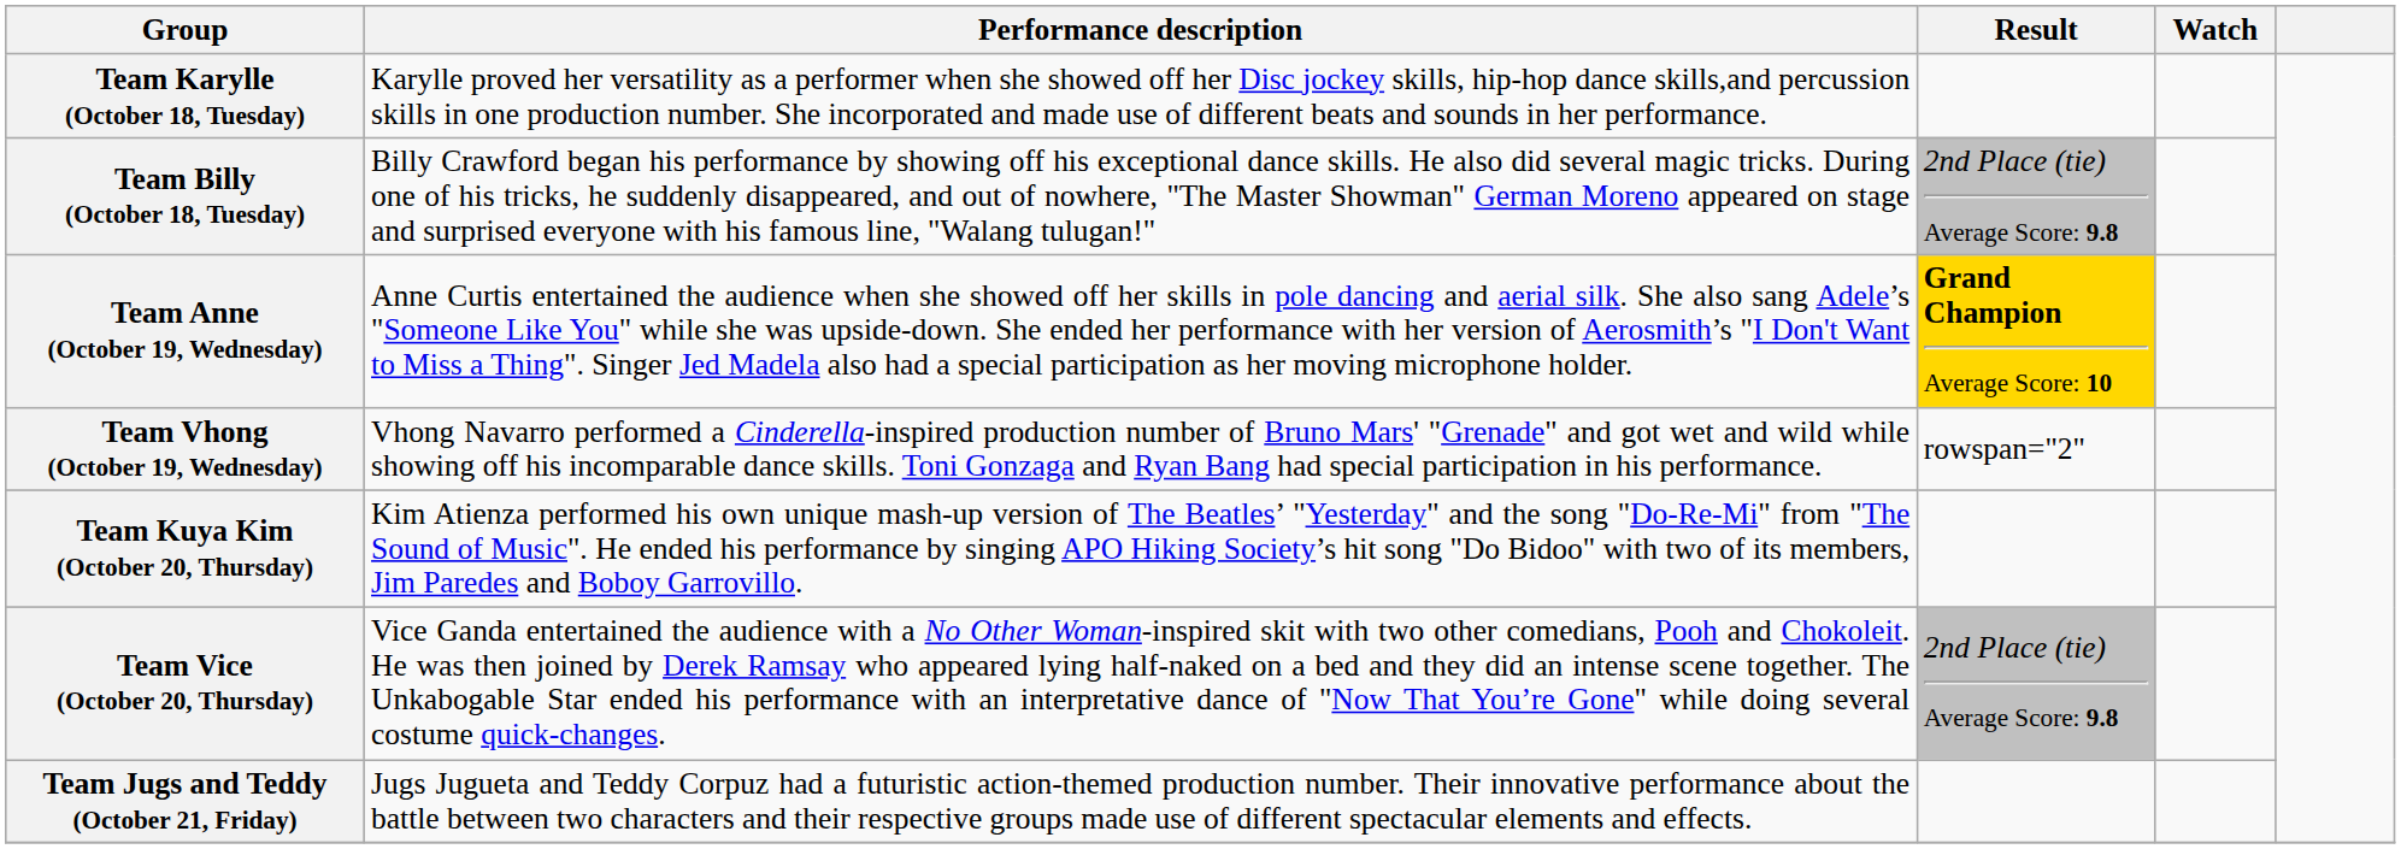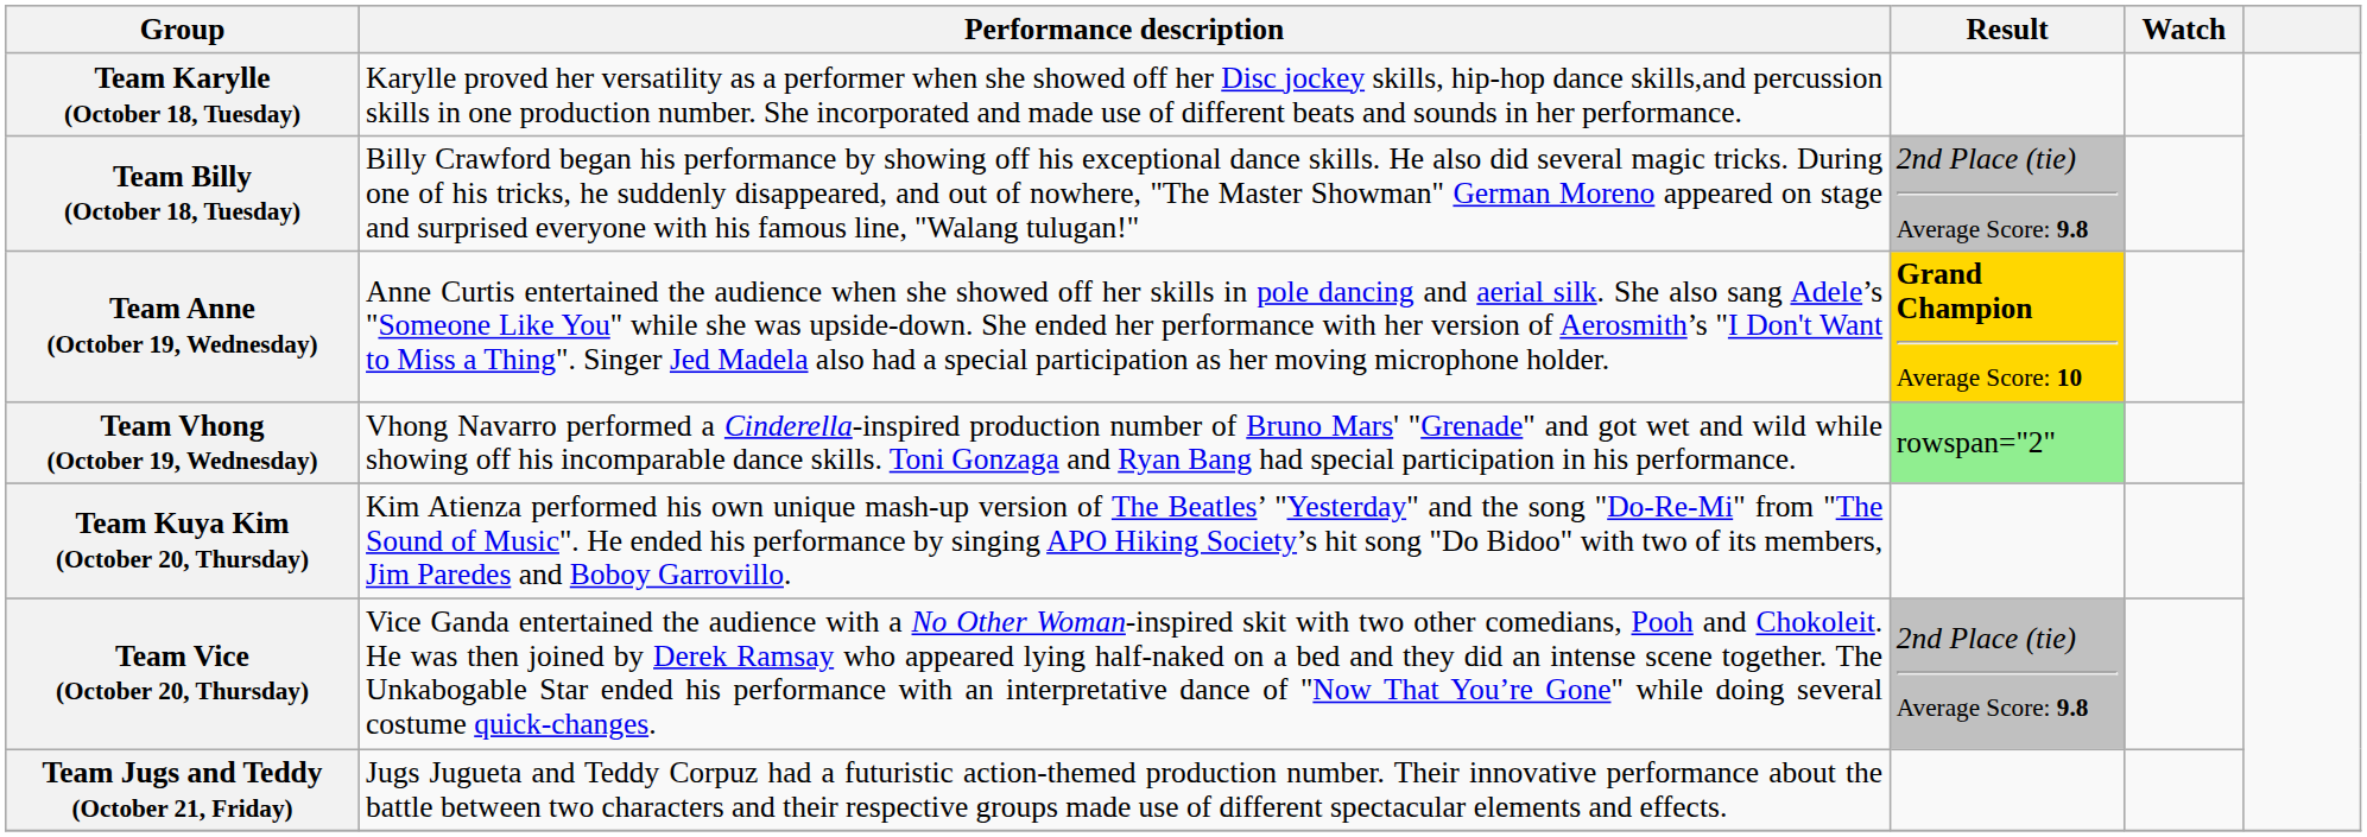 <table class="wikitable style="text-align:center; font-size:90%; line-height:18px; width:100%">
 <tr>
 <th width="15%">Group</th>
 <th width="65%">Performance description</th>
 <th width="10%">Result</th>
 <th width="5%">Watch</th>
 <th width="5%"></th>
 </tr>
 <tr>
 <th>Team Karylle<br><small>(October 18, Tuesday)</small></th>
 <td align="justify">Karylle proved her versatility as a performer when she showed off her <a href='#'>Disc jockey</a> skills, hip-hop dance skills,and percussion skills in one production number. She incorporated and made use of different beats and sounds in her performance.</td>
 <td></td>
 <td></td>
 <td rowspan="7" style="text-align:center;"></td>
 </tr>
 <tr>
 <th>Team Billy<br><small>(October 18, Tuesday)</small></th>
 <td align="justify">Billy Crawford began his performance by showing off his exceptional dance skills. He also did several magic tricks. During one of his tricks, he suddenly disappeared, and out of nowhere, "The Master Showman" <a href='#'>German Moreno</a> appeared on stage and surprised everyone with his famous line, "Walang tulugan!"</td>
 <td style="background:silver"><em>2nd Place (tie)</em><hr><small>Average Score: <strong>9.8</strong></small></td>
 <td></td>
 </tr>
 <tr>
 <th>Team Anne<br><small>(October 19, Wednesday)</small></th>
 <td align="justify">Anne Curtis entertained the audience when she showed off her skills in <a href='#'>pole dancing</a> and <a href='#'>aerial silk</a>. She also sang <a href='#'>Adele</a>’s "<a href='#'>Someone Like You</a>" while she was upside-down. She ended her performance with her version of <a href='#'>Aerosmith</a>’s "<a href='#'>I Don't Want to Miss a Thing</a>". Singer <a href='#'>Jed Madela</a> also had a special participation as her moving microphone holder.</td>
 <td style="background:gold"><strong>Grand Champion</strong><hr><small>Average Score: <strong>10</strong></small></td>
 <td></td>
 </tr>
 <tr>
 <th>Team Vhong<br><small>(October 19, Wednesday)</small></th>
 <td align="justify">Vhong Navarro performed a <em><a href='#'>Cinderella</a></em>-inspired production number of <a href='#'>Bruno Mars</a>' "<a href='#'>Grenade</a>" and got wet and wild while showing off his incomparable dance skills. <a href='#'>Toni Gonzaga</a> and <a href='#'>Ryan Bang</a> had special participation in his performance.</td>
-<td>rowspan="2" </td>
+<td style="background: lightgreen;">rowspan="2" </td>
 <td></td>
 </tr>
 <tr>
 <th>Team Kuya Kim<br><small>(October 20, Thursday)</small></th>
 <td align="justify">Kim Atienza performed his own unique mash-up version of <a href='#'>The Beatles</a>’ "<a href='#'>Yesterday</a>" and the song "<a href='#'>Do-Re-Mi</a>" from "<a href='#'>The Sound of Music</a>". He ended his performance by singing <a href='#'>APO Hiking Society</a>’s hit song "Do Bidoo" with two of its members, <a href='#'>Jim Paredes</a> and <a href='#'>Boboy Garrovillo</a>.</td>
 <td></td>
 </tr>
 <tr>
 <th>Team Vice<br><small>(October 20, Thursday)</small></th>
 <td align="justify">Vice Ganda entertained the audience with a <em><a href='#'>No Other Woman</a></em>-inspired skit with two other comedians, <a href='#'>Pooh</a> and <a href='#'>Chokoleit</a>. He was then joined by <a href='#'>Derek Ramsay</a> who appeared lying half-naked on a bed and they did an intense scene together. The Unkabogable Star ended his performance with an interpretative dance of "<a href='#'>Now That You’re Gone</a>" while doing several costume <a href='#'>quick-changes</a>.</td>
 <td style="background:silver"><em>2nd Place (tie)</em><hr><small>Average Score: <strong>9.8</strong></small></td>
 <td></td>
 </tr>
 <tr>
 <th>Team Jugs and Teddy<br><small>(October 21, Friday)</small></th>
 <td align="justify">Jugs Jugueta and Teddy Corpuz had a futuristic action-themed production number. Their innovative performance about the battle between two characters and their respective groups made use of different spectacular elements and effects.</td>
 <td></td>
 <td></td>
 </tr>
 <tr>
 </tr>
 </table>
